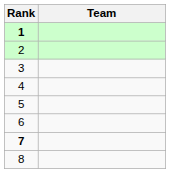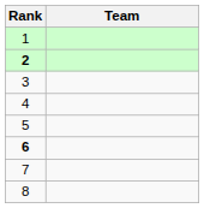 <table class="wikitable">
 <tr>
 <th>Rank</th>
 <th width=170>Team</th>
 </tr>
 <tr bgcolor=ccffcc>
-<td align=center><strong>1</strong></td>
+<td align=center>1</td>
 <td></td>
 </tr>
 <tr bgcolor=ccffcc>
-<td align=center>2</td>
+<td align=center><strong>2</strong></td>
 <td></td>
 </tr>
 <tr>
 <td align=center>3</td>
 <td></td>
 </tr>
 <tr>
 <td align=center>4</td>
 <td></td>
 </tr>
 <tr>
 <td align=center>5</td>
 <td></td>
 </tr>
 <tr>
-<td align=center>6</td>
+<td align=center><strong>6</strong></td>
 <td></td>
 </tr>
 <tr>
-<td align=center><strong>7</strong></td>
+<td align=center>7</td>
 <td></td>
 </tr>
 <tr>
 <td align=center>8</td>
 <td></td>
 </tr>
 </table>
